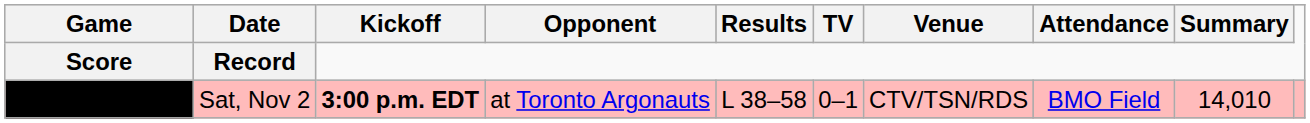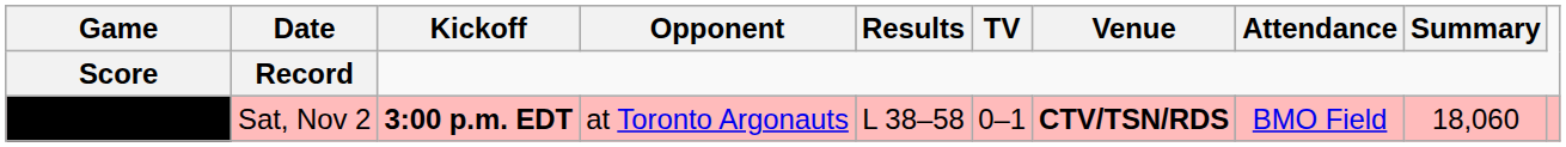 <table class="wikitable" style="font-size: 95%;">
 <tr>
 <th scope="col">Game</th>
 <th scope="col">Date</th>
 <th scope="col">Kickoff</th>
 <th scope="col">Opponent</th>
 <th scope="col">Results</th>
 <th scope="col">TV</th>
 <th scope="col">Venue</th>
 <th scope="col">Attendance</th>
 <th scope="col">Summary</th>
 </tr>
 <tr>
 <th scope="col">Score</th>
 <th scope="col">Record</th>
 </tr>
 <tr align="center" bgcolor="#ffbbbb">
 <th style="text-align:center; background:black;"><span>East Semi-Final</span></th>
 <td align="center">Sat, Nov 2</td>
 <td align="center"><strong>3:00 p.m. EDT</strong></td>
 <td align="center">at <a href='#'>Toronto Argonauts</a></td>
 <td align="center">L 38–58</td>
 <td align="center">0–1</td>
-<td align="center">CTV/TSN/RDS</td>
+<td align="center"><strong>CTV/TSN/RDS</strong></td>
 <td align="center"><a href='#'>BMO Field</a></td>
-<td align="center">14,010</td>
+<td align="center">18,060</td>
 <td align="center"></td>
 </tr>
 </table>
